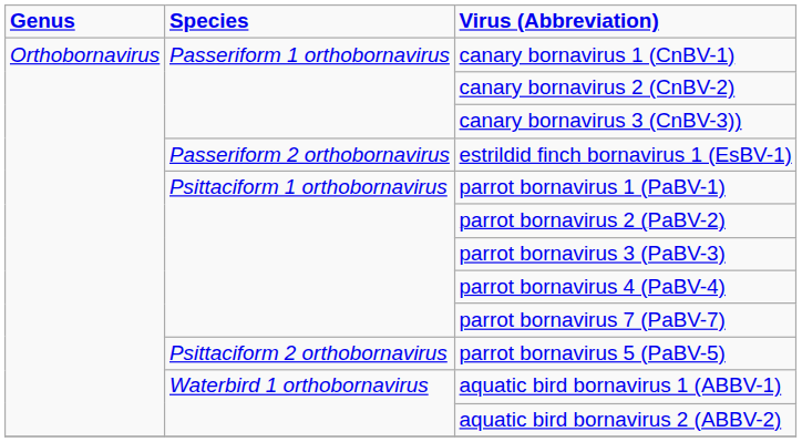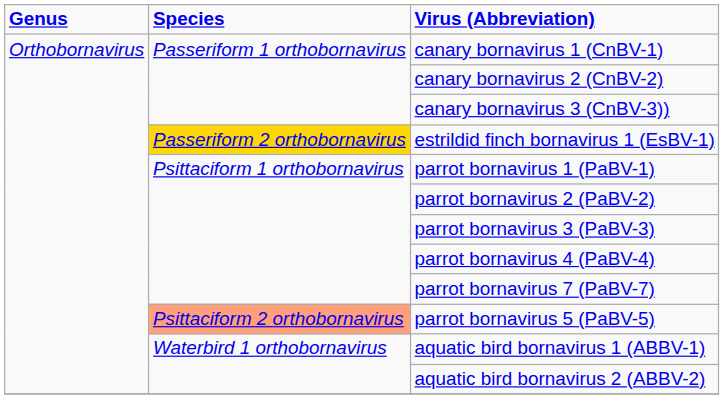 <table class="sortable wikitable">
 <tr>
 <td><strong><a href='#'>Genus</a></strong></td>
 <td><strong><a href='#'>Species</a></strong></td>
 <td><strong><a href='#'>Virus (Abbreviation)</a></strong></td>
 </tr>
 <tr valign="TOP">
 <td rowspan="12"><em><a href='#'>Orthobornavirus</a></em></td>
 <td rowspan="3"><em><a href='#'>Passeriform 1 orthobornavirus</a></em></td>
 <td rowspan="1"><a href='#'>canary bornavirus 1 (CnBV-1)</a></td>
 </tr>
 <tr valign="TOP">
 <td rowspan="1"><a href='#'>canary bornavirus 2 (CnBV-2)</a></td>
 </tr>
 <tr valign="TOP">
 <td rowspan="1"><a href='#'>canary bornavirus 3 (CnBV-3))</a></td>
 </tr>
 <tr valign="TOP">
-<td rowspan="1"><em><a href='#'>Passeriform 2 orthobornavirus</a></em></td>
+<td rowspan="1" style="background: gold;"><em><a href='#'>Passeriform 2 orthobornavirus</a></em></td>
 <td><a href='#'>estrildid finch bornavirus 1 (EsBV-1)</a></td>
 </tr>
 <tr valign="TOP">
 <td rowspan="5"><em><a href='#'>Psittaciform 1 orthobornavirus</a></em></td>
 <td rowspan="1"><a href='#'>parrot bornavirus 1 (PaBV-1)</a></td>
 </tr>
 <tr valign="TOP">
 <td rowspan="1"><a href='#'>parrot bornavirus 2 (PaBV-2)</a></td>
 </tr>
 <tr valign="TOP">
 <td rowspan="1"><a href='#'>parrot bornavirus 3 (PaBV-3)</a></td>
 </tr>
 <tr valign="TOP">
 <td rowspan="1"><a href='#'>parrot bornavirus 4 (PaBV-4)</a></td>
 </tr>
 <tr valign="TOP">
 <td rowspan="1"><a href='#'>parrot bornavirus 7 (PaBV-7)</a></td>
 </tr>
 <tr valign="TOP">
-<td rowspan="1"><em><a href='#'>Psittaciform 2 orthobornavirus</a></em></td>
+<td rowspan="1" style="background: lightsalmon;"><em><a href='#'>Psittaciform 2 orthobornavirus</a></em></td>
 <td rowspan="1"><a href='#'>parrot bornavirus 5 (PaBV-5)</a></td>
 </tr>
 <tr valign="TOP">
 <td rowspan="2"><em><a href='#'>Waterbird 1 orthobornavirus</a></em></td>
 <td rowspan="1"><a href='#'>aquatic bird bornavirus 1 (ABBV-1)</a></td>
 </tr>
 <tr valign="TOP">
 <td rowspan="1"><a href='#'>aquatic bird bornavirus 2 (ABBV-2)</a></td>
 </tr>
 <tr valign="TOP">
 </tr>
 </table>
